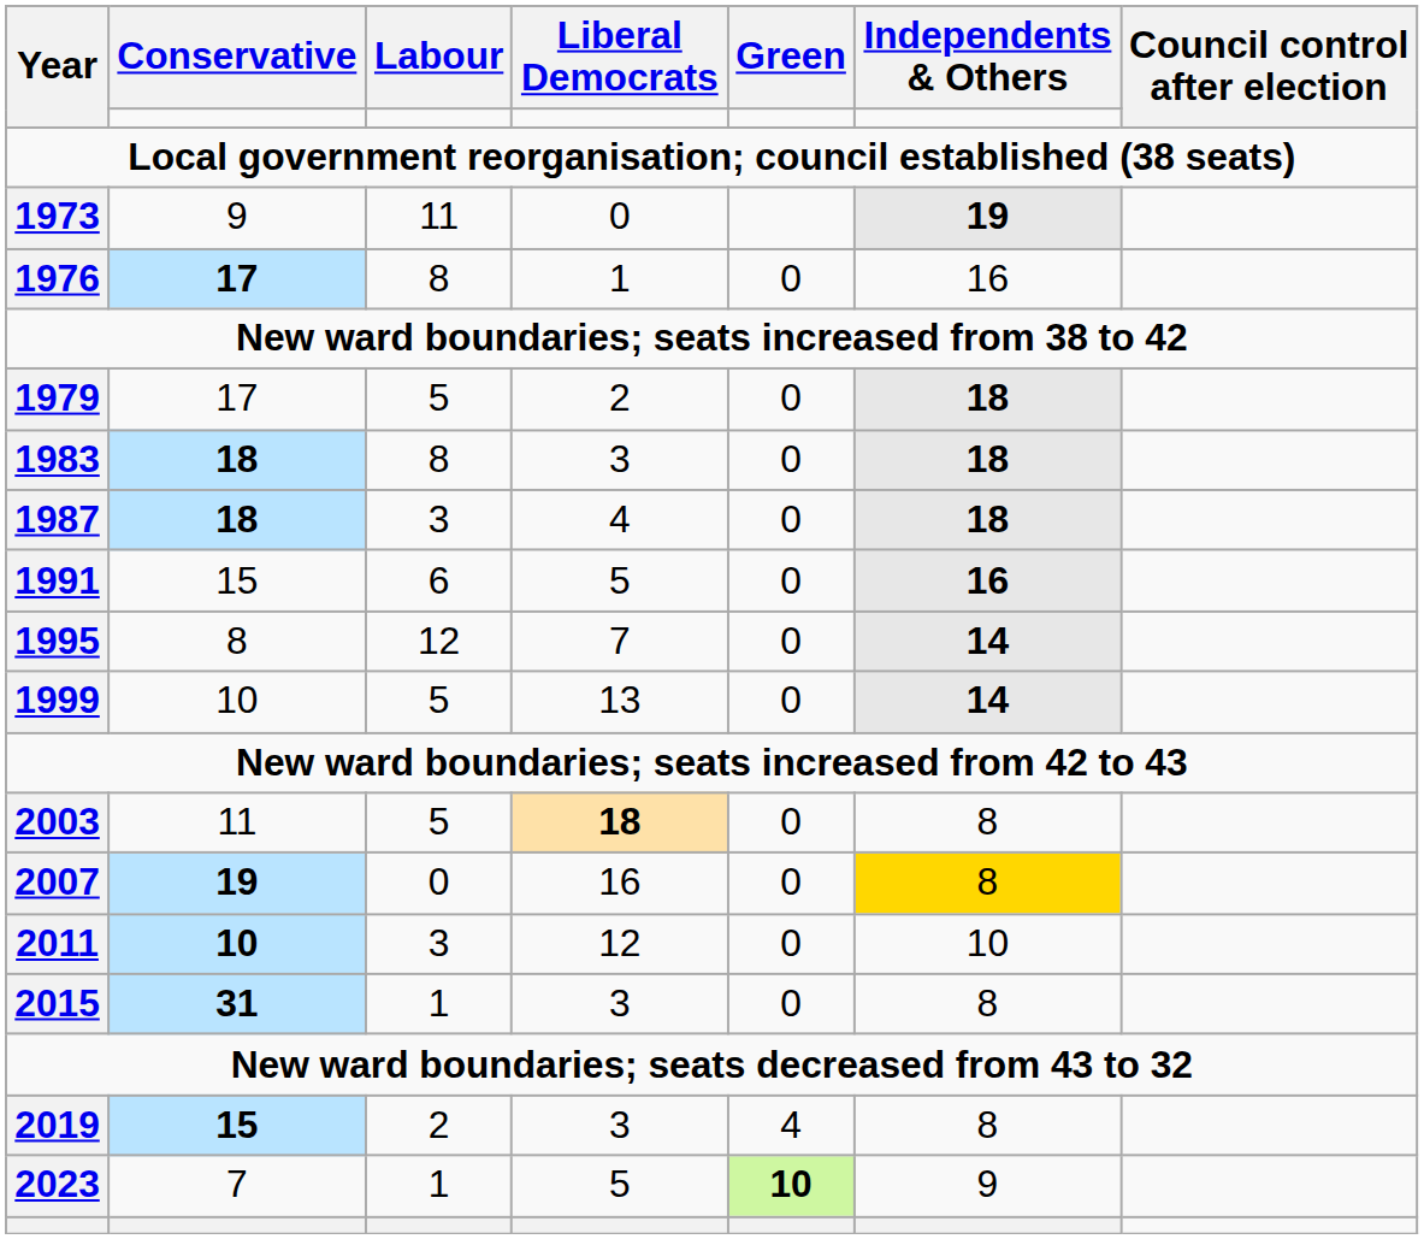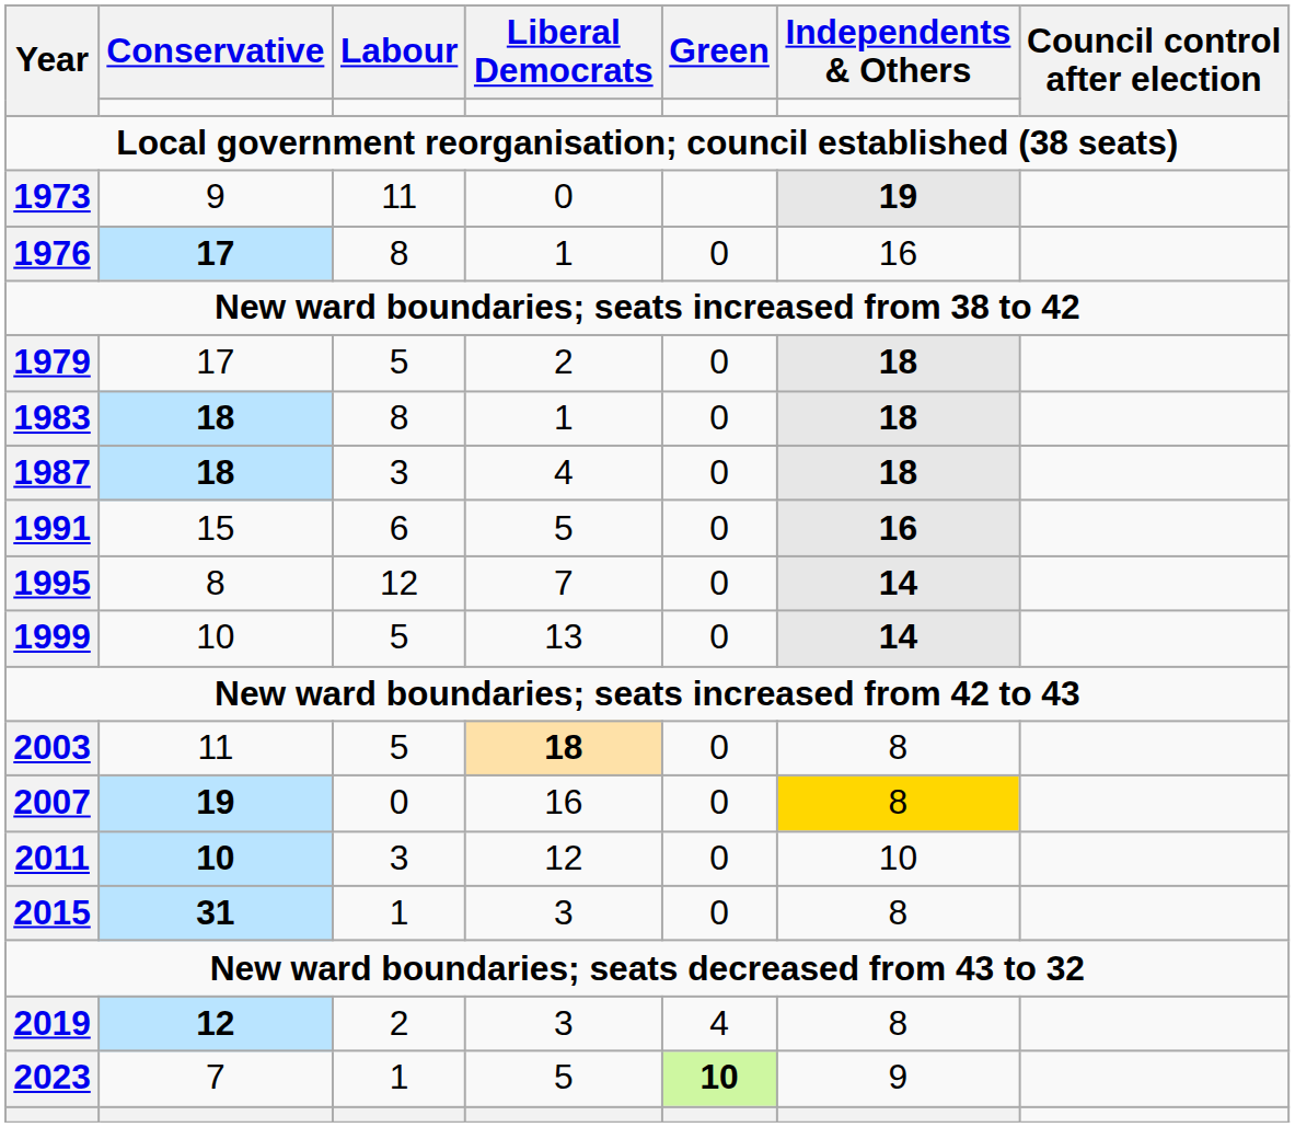 <table class="wikitable plainrowheaders" style="text-align:center">
 <tr>
 <th scope="col" rowspan="2">Year</th>
 <th scope="col"><a href='#'>Conservative</a></th>
 <th scope="col"><a href='#'>Labour</a></th>
 <th scope="col" style="width:1px"><a href='#'>Liberal Democrats</a></th>
 <th scope="col"><a href='#'>Green</a></th>
 <th scope="col"><a href='#'>Independents</a><br>& Others</th>
 <th scope="col" rowspan="2" colspan="2">Council control<br>after election</th>
 </tr>
 <tr>
 <td style="background:"></td>
 <td style="background:"></td>
 <td style="background:"></td>
 <td style="background:"></td>
 <td style="background:"></td>
 </tr>
 <tr>
 <td colspan="9"><strong>Local government reorganisation; council established (38 seats)</strong></td>
 </tr>
 <tr>
 <th scope="row"><a href='#'>1973</a></th>
 <td>9</td>
 <td>11</td>
 <td>0</td>
 <td></td>
 <td style="background:#E7E7E7;"><strong>19</strong></td>
 <td></td>
 </tr>
 <tr>
 <th scope="row"><a href='#'>1976</a></th>
 <td style="background:#B9E4FF;"><strong>17</strong></td>
 <td>8</td>
 <td>1</td>
 <td>0</td>
 <td>16</td>
 <td></td>
 </tr>
 <tr>
 <td colspan="9"><strong>New ward boundaries; seats increased from 38 to 42</strong></td>
 </tr>
 <tr>
 <th scope="row"><a href='#'>1979</a></th>
 <td>17</td>
 <td>5</td>
 <td>2</td>
 <td>0</td>
 <td style="background:#E7E7E7;"><strong>18</strong></td>
 <td></td>
 </tr>
 <tr>
 <th scope="row"><a href='#'>1983</a></th>
 <td style="background:#B9E4FF;"><strong>18</strong></td>
 <td>8</td>
-<td>3</td>
+<td>1</td>
 <td>0</td>
 <td style="background:#E7E7E7;"><strong>18</strong></td>
 <td></td>
 </tr>
 <tr>
 <th scope="row"><a href='#'>1987</a></th>
 <td style="background:#B9E4FF;"><strong>18</strong></td>
 <td>3</td>
 <td>4</td>
 <td>0</td>
 <td style="background:#E7E7E7;"><strong>18</strong></td>
 <td></td>
 </tr>
 <tr>
 <th scope="row"><a href='#'>1991</a></th>
 <td>15</td>
 <td>6</td>
 <td>5</td>
 <td>0</td>
 <td style="background:#E7E7E7;"><strong>16</strong></td>
 <td></td>
 </tr>
 <tr>
 <th scope="row"><a href='#'>1995</a></th>
 <td>8</td>
 <td>12</td>
 <td>7</td>
 <td>0</td>
 <td style="background:#E7E7E7;"><strong>14</strong></td>
 <td></td>
 </tr>
 <tr>
 <th scope="row"><a href='#'>1999</a></th>
 <td>10</td>
 <td>5</td>
 <td>13</td>
 <td>0</td>
 <td style="background:#E7E7E7;"><strong>14</strong></td>
 <td></td>
 </tr>
 <tr>
 <td colspan="9"><strong>New ward boundaries; seats increased from 42 to 43</strong></td>
 </tr>
 <tr>
 <th scope="row"><a href='#'>2003</a></th>
 <td>11</td>
 <td>5</td>
 <td style="background:#FEE1A8"><strong>18</strong></td>
 <td>0</td>
 <td>8</td>
 <td></td>
 </tr>
 <tr>
 <th scope="row"><a href='#'>2007</a></th>
 <td style="background:#B9E4FF;"><strong>19</strong></td>
 <td>0</td>
 <td>16</td>
 <td>0</td>
 <td style="background: gold;">8</td>
 <td></td>
 </tr>
 <tr>
 <th scope="row"><a href='#'>2011</a></th>
 <td style="background:#B9E4FF;"><strong>10</strong></td>
 <td>3</td>
 <td>12</td>
 <td>0</td>
 <td>10</td>
 <td></td>
 </tr>
 <tr>
 <th scope="row"><a href='#'>2015</a></th>
 <td style="background:#B9E4FF;"><strong>31</strong></td>
 <td>1</td>
 <td>3</td>
 <td>0</td>
 <td>8</td>
 <td></td>
 </tr>
 <tr>
 <td colspan="9"><strong>New ward boundaries; seats decreased from 43 to 32</strong></td>
 </tr>
 <tr>
 <th scope="row"><a href='#'>2019</a></th>
-<td style="background:#B9E4FF;"><strong>15</strong></td>
+<td style="background:#B9E4FF;"><strong>12</strong></td>
 <td>2</td>
 <td>3</td>
 <td>4</td>
 <td>8</td>
 <td></td>
 </tr>
 <tr>
 <th scope="row"><a href='#'>2023</a></th>
 <td>7</td>
 <td>1</td>
 <td>5</td>
 <td style="background:#CEF7A1"><strong>10</strong></td>
 <td>9</td>
 <td></td>
 </tr>
 <tr>
 <th></th>
 <th style="background-color: "></th>
 <th style="background-color: "></th>
 <th style="background-color: "></th>
 <th style="background-color: "></th>
 <th style="background-color: "></th>
 </tr>
 </table>
